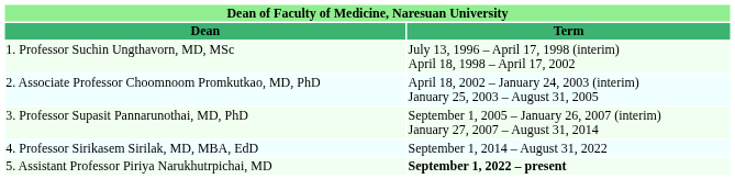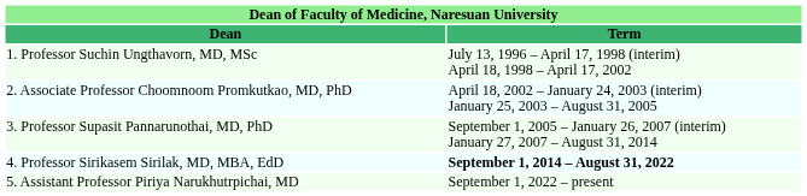 <table class="toccolours" width=100%>
 <tr>
 <td colspan="2" style="background: #90ee90" align="center"><strong>Dean of Faculty of Medicine, Naresuan University</strong></td>
 </tr>
 <tr>
 <th style="background: #3cb371">Dean</th>
 <th style="background: #3cb371">Term</th>
 </tr>
 <tr>
 <td valign="top" style="background: #f0fff0">1. Professor Suchin Ungthavorn, MD, MSc</td>
 <td valign="top" style="background: #f0fff0">July 13, 1996 – April 17, 1998 (interim) <br> April 18, 1998 – April 17, 2002</td>
 </tr>
 <tr>
 <td valign="top" style="background: #f0ffff">2. Associate Professor Choomnoom Promkutkao, MD, PhD</td>
 <td valign="top" style="background: #f0ffff">April 18, 2002 – January 24, 2003 (interim) <br> January 25, 2003 – August 31, 2005</td>
 </tr>
 <tr>
 <td valign="top" style="background: #f0fff0">3. Professor Supasit Pannarunothai, MD, PhD</td>
 <td valign="top" style="background: #f0fff0">September 1, 2005 – January 26, 2007 (interim) <br> January 27, 2007 – August 31, 2014</td>
 </tr>
 <tr>
 <td valign="top" style="background: #f0ffff">4. Professor Sirikasem Sirilak, MD, MBA, EdD</td>
-<td valign="top" style="background: #f0ffff">September 1, 2014 – August 31, 2022</td>
+<td valign="top" style="background: #f0ffff"><strong>September 1, 2014 – August 31, 2022</strong></td>
 </tr>
 <tr>
 <td valign="top" style="background: #f0fff0">5. Assistant Professor Piriya Narukhutrpichai, MD</td>
-<td valign="top" style="background: #f0fff0"><strong>September 1, 2022 – present</strong></td>
+<td valign="top" style="background: #f0fff0">September 1, 2022 – present</td>
 </tr>
 <tr>
 </tr>
 </table>
